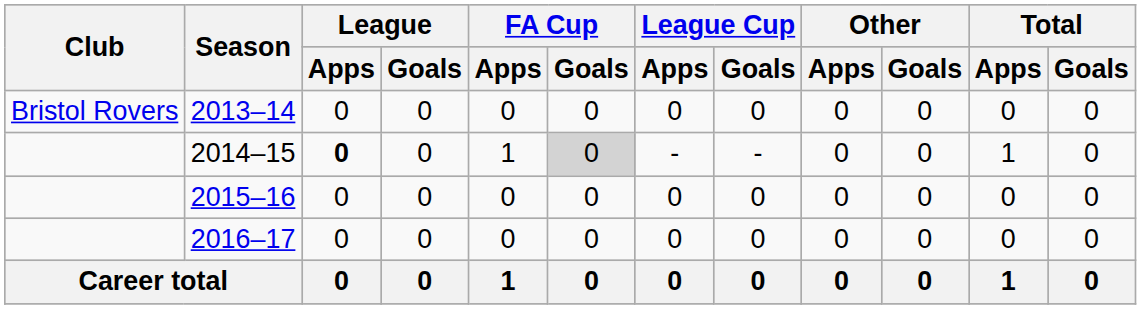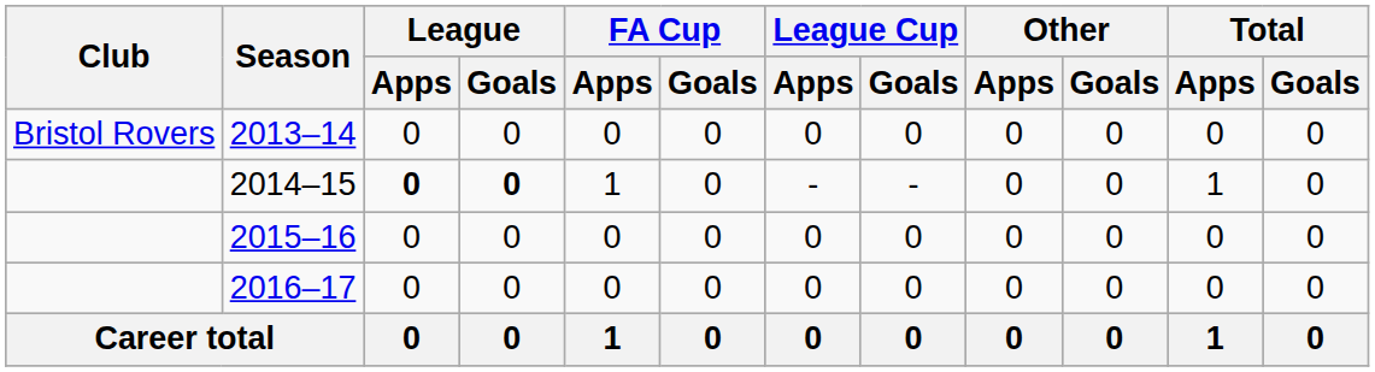 <table class="wikitable" style="text-align:center">
 <tr>
 <th rowspan="2">Club</th>
 <th rowspan="2">Season</th>
 <th colspan="2">League</th>
 <th colspan="2"><a href='#'>FA Cup</a></th>
 <th colspan="2"><a href='#'>League Cup</a></th>
 <th colspan="2">Other</th>
 <th colspan="2">Total</th>
 </tr>
 <tr>
 <th>Apps</th>
 <th>Goals</th>
 <th>Apps</th>
 <th>Goals</th>
 <th>Apps</th>
 <th>Goals</th>
 <th>Apps</th>
 <th>Goals</th>
 <th>Apps</th>
 <th>Goals</th>
 </tr>
 <tr>
 <td><a href='#'>Bristol Rovers</a></td>
 <td><a href='#'>2013–14</a></td>
 <td>0</td>
 <td>0</td>
 <td>0</td>
 <td>0</td>
 <td>0</td>
 <td>0</td>
 <td>0</td>
 <td>0</td>
 <td>0</td>
 <td>0</td>
 </tr>
 <tr>
 <td></td>
 <td>2014–15</td>
 <td><strong>0</strong></td>
+<td><strong>0</strong></td>
+<td>1</td>
 <td>0</td>
-<td>1</td>
-<td style="background: lightgrey;">0</td>
 <td>-</td>
 <td>-</td>
 <td>0</td>
 <td>0</td>
 <td>1</td>
 <td>0</td>
 </tr>
 <tr>
 <td></td>
 <td><a href='#'>2015–16</a></td>
 <td>0</td>
 <td>0</td>
 <td>0</td>
 <td>0</td>
 <td>0</td>
 <td>0</td>
 <td>0</td>
 <td>0</td>
 <td>0</td>
 <td>0</td>
 </tr>
 <tr>
 <td></td>
 <td><a href='#'>2016–17</a></td>
 <td>0</td>
 <td>0</td>
 <td>0</td>
 <td>0</td>
 <td>0</td>
 <td>0</td>
 <td>0</td>
 <td>0</td>
 <td>0</td>
 <td>0</td>
 </tr>
 <tr>
 <th colspan="2">Career total</th>
 <th>0</th>
 <th>0</th>
 <th>1</th>
 <th>0</th>
 <th>0</th>
 <th>0</th>
 <th>0</th>
 <th>0</th>
 <th>1</th>
 <th>0</th>
 </tr>
 </table>
